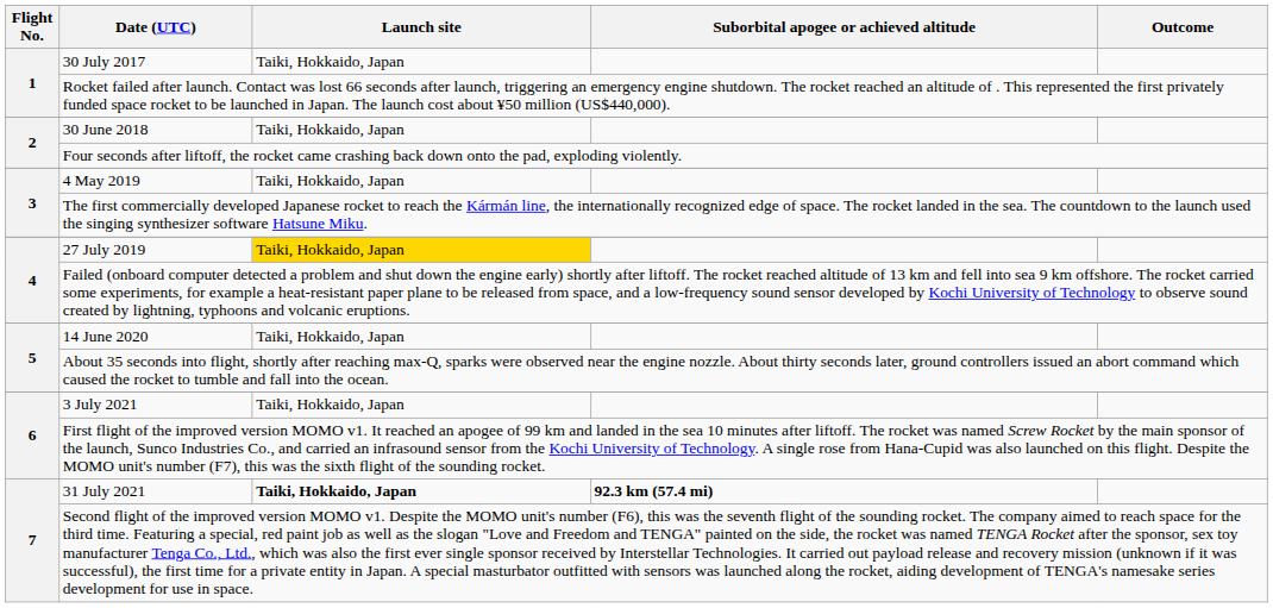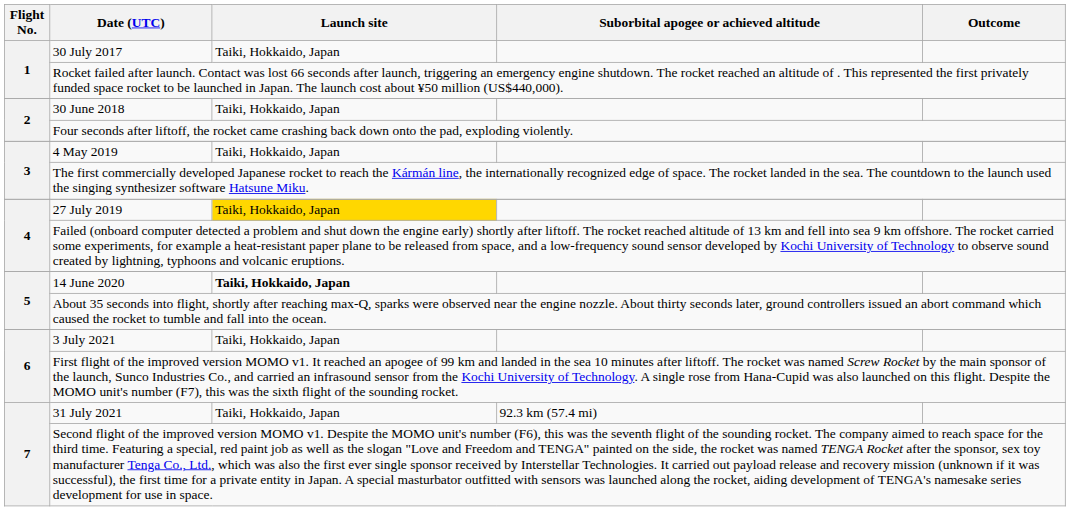 <table class="wikitable plainrowheaders" style="width: 100%;">
 <tr>
 <th scope="col">Flight No.</th>
 <th scope="col">Date (<a href='#'>UTC</a>)</th>
 <th scope="col">Launch site</th>
 <th scope="col">Suborbital apogee or achieved altitude</th>
 <th scope="col">Outcome</th>
 </tr>
 <tr>
 <th rowspan="2">1</th>
 <td>30 July 2017</td>
 <td>Taiki, Hokkaido, Japan</td>
 <td></td>
 <td></td>
 </tr>
 <tr>
 <td colspan="4">Rocket failed after launch. Contact was lost 66 seconds after launch, triggering an emergency engine shutdown. The rocket reached an altitude of . This represented the first privately funded space rocket to be launched in Japan. The launch cost about ¥50 million (US$440,000).</td>
 </tr>
 <tr>
 </tr>
 <tr>
 <th rowspan="2">2</th>
 <td>30 June 2018</td>
 <td>Taiki, Hokkaido, Japan</td>
 <td></td>
 <td></td>
 </tr>
 <tr>
 <td colspan="4">Four seconds after liftoff, the rocket came crashing back down onto the pad, exploding violently.</td>
 </tr>
 <tr>
 </tr>
 <tr>
 <th rowspan="2">3</th>
 <td>4 May 2019</td>
 <td>Taiki, Hokkaido, Japan</td>
 <td></td>
 <td></td>
 </tr>
 <tr>
 <td colspan="4">The first commercially developed Japanese rocket to reach the <a href='#'>Kármán line</a>, the internationally recognized edge of space. The rocket landed in the sea. The countdown to the launch used the singing synthesizer software <a href='#'>Hatsune Miku</a>.</td>
 </tr>
 <tr>
 </tr>
 <tr>
 <th rowspan="2">4</th>
 <td>27 July 2019</td>
 <td style="background: gold;">Taiki, Hokkaido, Japan</td>
 <td></td>
 <td></td>
 </tr>
 <tr>
 <td colspan="4">Failed (onboard computer detected a problem and shut down the engine early) shortly after liftoff. The rocket reached altitude of 13 km and fell into sea 9 km offshore. The rocket carried some experiments, for example a heat-resistant paper plane to be released from space, and a low-frequency sound sensor developed by <a href='#'>Kochi University of Technology</a> to observe sound created by lightning, typhoons and volcanic eruptions.</td>
 </tr>
 <tr>
 </tr>
 <tr>
 <th rowspan="2">5</th>
 <td>14 June 2020</td>
-<td>Taiki, Hokkaido, Japan</td>
+<td><strong>Taiki, Hokkaido, Japan</strong></td>
 <td></td>
 <td></td>
 </tr>
 <tr>
 <td colspan="4">About 35 seconds into flight, shortly after reaching max-Q, sparks were observed near the engine nozzle. About thirty seconds later, ground controllers issued an abort command which caused the rocket to tumble and fall into the ocean.</td>
 </tr>
 <tr>
 </tr>
 <tr>
 <th rowspan="2">6</th>
 <td>3 July 2021</td>
 <td>Taiki, Hokkaido, Japan</td>
 <td></td>
 <td></td>
 </tr>
 <tr>
 <td colspan="4">First flight of the improved version MOMO v1. It reached an apogee of 99 km and landed in the sea 10 minutes after liftoff. The rocket was named <em>Screw Rocket</em> by the main sponsor of the launch, Sunco Industries Co., and carried an infrasound sensor from the <a href='#'>Kochi University of Technology</a>. A single rose from Hana-Cupid was also launched on this flight. Despite the MOMO unit's number (F7), this was the sixth flight of the sounding rocket.</td>
 </tr>
 <tr>
 <th rowspan="2">7</th>
 <td>31 July 2021</td>
-<td><strong>Taiki, Hokkaido, Japan</strong></td>
-<td><strong>92.3 km (57.4 mi)</strong></td>
+<td>Taiki, Hokkaido, Japan</td>
+<td>92.3 km (57.4 mi)</td>
 <td></td>
 </tr>
 <tr>
 <td colspan="4">Second flight of the improved version MOMO v1. Despite the MOMO unit's number (F6), this was the seventh flight of the sounding rocket. The company aimed to reach space for the third time. Featuring a special, red paint job as well as the slogan "Love and Freedom and TENGA" painted on the side, the rocket was named <em>TENGA Rocket</em> after the sponsor, sex toy manufacturer <a href='#'>Tenga Co., Ltd.</a>, which was also the first ever single sponsor received by Interstellar Technologies. It carried out payload release and recovery mission (unknown if it was successful), the first time for a private entity in Japan. A special masturbator outfitted with sensors was launched along the rocket, aiding development of TENGA's namesake series development for use in space.</td>
 </tr>
 </table>
